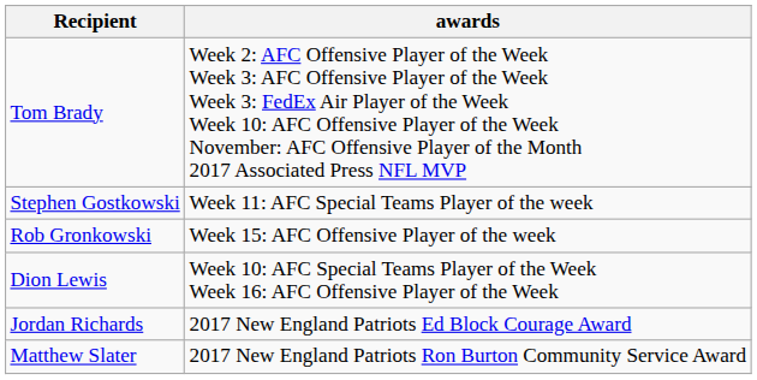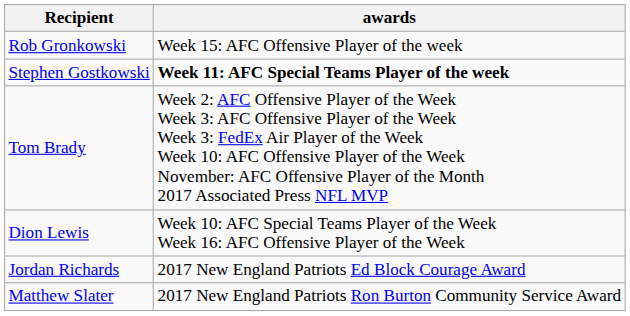 <table class="wikitable">
 <tr>
 <th>Recipient</th>
 <th>awards</th>
 </tr>
 <tr>
-<td><a href='#'>Tom Brady</a></td>
-<td>Week 2: <a href='#'>AFC</a> Offensive Player of the Week<br>Week 3: AFC Offensive Player of the Week<br>Week 3: <a href='#'>FedEx</a> Air Player of the Week<br>Week 10: AFC Offensive Player of the Week<br>November: AFC Offensive Player of the Month<br>2017 Associated Press <a href='#'>NFL MVP</a></td>
+<td><a href='#'>Rob Gronkowski</a></td>
+<td>Week 15: AFC Offensive Player of the week</td>
 </tr>
 <tr>
 <td><a href='#'>Stephen Gostkowski</a></td>
-<td>Week 11: AFC Special Teams Player of the week</td>
+<td><strong>Week 11: AFC Special Teams Player of the week</strong></td>
 </tr>
 <tr>
-<td><a href='#'>Rob Gronkowski</a></td>
-<td>Week 15: AFC Offensive Player of the week</td>
+<td><a href='#'>Tom Brady</a></td>
+<td>Week 2: <a href='#'>AFC</a> Offensive Player of the Week<br>Week 3: AFC Offensive Player of the Week<br>Week 3: <a href='#'>FedEx</a> Air Player of the Week<br>Week 10: AFC Offensive Player of the Week<br>November: AFC Offensive Player of the Month<br>2017 Associated Press <a href='#'>NFL MVP</a></td>
 </tr>
 <tr>
 <td><a href='#'>Dion Lewis</a></td>
 <td>Week 10: AFC Special Teams Player of the Week<br>Week 16: AFC Offensive Player of the Week</td>
 </tr>
 <tr>
 <td><a href='#'>Jordan Richards</a></td>
 <td>2017 New England Patriots <a href='#'>Ed Block Courage Award</a></td>
 </tr>
 <tr>
 <td><a href='#'>Matthew Slater</a></td>
 <td>2017 New England Patriots <a href='#'>Ron Burton</a> Community Service Award</td>
 </tr>
 </table>
